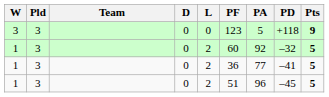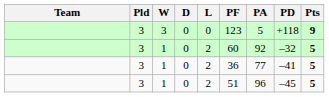 <table class="wikitable" style="text-align:center;">
 <tr>
+<th width=175>Team</th>
+<th width=25 abbr="Played">Pld</th>
 <th width=25 abbr="Won">W</th>
-<th width=25 abbr="Played">Pld</th>
-<th width=175>Team</th>
 <th width=25 abbr="Drawn">D</th>
 <th width=25 abbr="Lost">L</th>
 <th width=32 abbr="Points for">PF</th>
 <th width=32 abbr="Points against">PA</th>
 <th width=32 abbr="Points difference">PD</th>
 <th width=25 abbr="Points">Pts</th>
 </tr>
 <tr style="background:#ccffcc">
+<td align=left></td>
 <td>3</td>
 <td>3</td>
-<td align=left></td>
 <td>0</td>
 <td>0</td>
 <td>123</td>
 <td>5</td>
 <td>+118</td>
 <td><strong>9</strong></td>
 </tr>
 <tr style="background:#ccffcc">
+<td align=left></td>
+<td>3</td>
 <td>1</td>
-<td>3</td>
-<td align=left></td>
 <td>0</td>
 <td>2</td>
 <td>60</td>
 <td>92</td>
 <td>–32</td>
 <td><strong>5</strong></td>
 </tr>
 <tr>
+<td align=left></td>
+<td>3</td>
 <td>1</td>
-<td>3</td>
-<td align=left></td>
 <td>0</td>
 <td>2</td>
 <td>36</td>
 <td>77</td>
 <td>–41</td>
 <td><strong>5</strong></td>
 </tr>
 <tr>
+<td align=left></td>
+<td>3</td>
 <td>1</td>
-<td>3</td>
-<td align=left></td>
 <td>0</td>
 <td>2</td>
 <td>51</td>
 <td>96</td>
 <td>–45</td>
 <td><strong>5</strong></td>
 </tr>
 </table>
